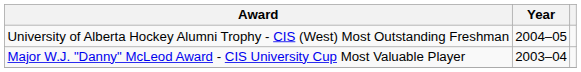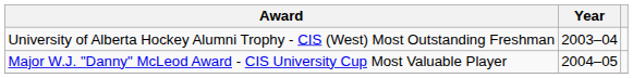 <table class="wikitable">
 <tr>
 <th>Award</th>
 <th>Year</th>
 <th></th>
 </tr>
 <tr>
 <td>University of Alberta Hockey Alumni Trophy - <a href='#'>CIS</a>  (West) Most Outstanding Freshman</td>
-<td>2004–05</td>
+<td>2003–04</td>
 <td></td>
 </tr>
 <tr>
 <td><a href='#'>Major W.J. "Danny" McLeod Award</a> - <a href='#'>CIS University Cup</a> Most Valuable Player</td>
-<td>2003–04</td>
+<td>2004–05</td>
 <td></td>
 </tr>
 <tr>
 </tr>
 </table>
